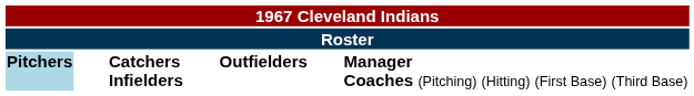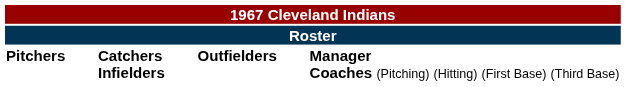 <table class="toccolours" style="font-size: 95%;">
 <tr>
 <th colspan="10" style="background-color: #990000; color: white; text-align: center;">1967 Cleveland Indians</th>
 </tr>
 <tr>
 <td colspan="10" style="background-color: #023456; color: white; text-align: center;"><strong>Roster</strong></td>
 </tr>
 <tr>
-<td valign="top" style="background: lightblue;"><strong>Pitchers</strong><br>               </td>
+<td valign="top"><strong>Pitchers</strong><br>               </td>
 <td width="25px"></td>
 <td valign="top"><strong>Catchers</strong><br>   <strong>Infielders</strong>        </td>
 <td width="25px"></td>
 <td valign="top"><strong>Outfielders</strong><br>          </td>
 <td width="25px"></td>
 <td valign="top"><strong>Manager</strong><br> <strong>Coaches</strong>  <small>(Pitching)</small>  <small>(Hitting)</small>  <small>(First Base)</small>  <small>(Third Base)</small></td>
 </tr>
 </table>
